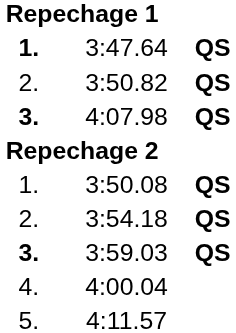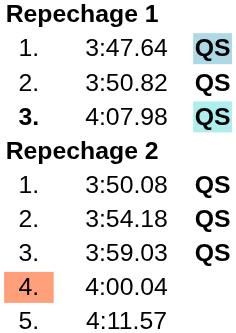 <table style="text-align:center">
 <tr>
 <td colspan=4 align=left><strong>Repechage 1</strong></td>
 </tr>
 <tr>
-<td width=30><strong>1.</strong></td>
+<td width=30>1.</td>
 <td align=left></td>
 <td width=80>3:47.64</td>
-<td><strong>QS</strong></td>
+<td style="background: lightblue;"><strong>QS</strong></td>
 </tr>
 <tr>
 <td>2.</td>
 <td align=left></td>
 <td>3:50.82</td>
 <td><strong>QS</strong></td>
 </tr>
 <tr>
 <td><strong>3.</strong></td>
 <td align=left></td>
 <td>4:07.98</td>
-<td><strong>QS</strong></td>
+<td style="background: paleturquoise;"><strong>QS</strong></td>
 </tr>
 <tr>
 <td colspan=4 align=left><strong>Repechage 2</strong></td>
 </tr>
 <tr>
 <td>1.</td>
 <td align=left></td>
 <td>3:50.08</td>
 <td><strong>QS</strong></td>
 </tr>
 <tr>
 <td>2.</td>
 <td align=left></td>
 <td>3:54.18</td>
 <td><strong>QS</strong></td>
 </tr>
 <tr>
-<td><strong>3.</strong></td>
+<td>3.</td>
 <td align=left></td>
 <td>3:59.03</td>
 <td><strong>QS</strong></td>
 </tr>
 <tr>
-<td>4.</td>
+<td style="background: lightsalmon;">4.</td>
 <td align=left></td>
 <td>4:00.04</td>
 <td></td>
 </tr>
 <tr>
 <td>5.</td>
 <td align=left></td>
 <td>4:11.57</td>
 <td></td>
 </tr>
 </table>
